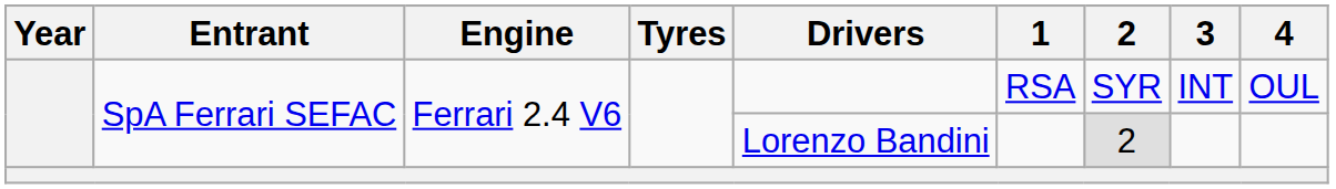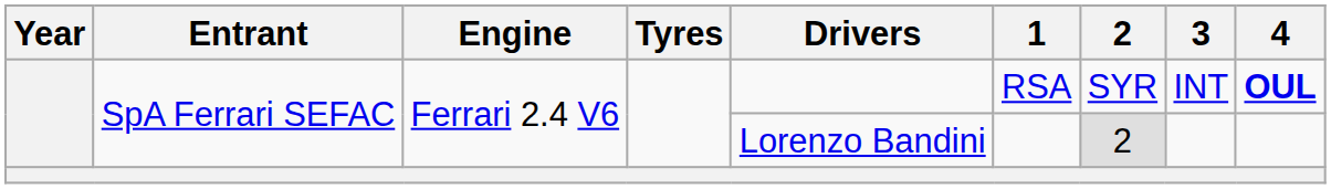 <table class="wikitable" style="text-align:center; font-size:95%">
 <tr>
 <th>Year</th>
 <th>Entrant</th>
 <th>Engine</th>
 <th>Tyres</th>
 <th>Drivers</th>
 <th>1</th>
 <th>2</th>
 <th>3</th>
 <th>4</th>
 </tr>
 <tr>
 <th rowspan=2></th>
 <td rowspan=2><a href='#'>SpA Ferrari SEFAC</a></td>
 <td rowspan=2><a href='#'>Ferrari</a> 2.4 <a href='#'>V6</a></td>
 <td rowspan=2> </td>
 <td></td>
 <td><a href='#'>RSA</a></td>
 <td><a href='#'>SYR</a></td>
 <td><a href='#'>INT</a></td>
-<td><a href='#'>OUL</a></td>
+<td><strong><a href='#'>OUL</a></strong></td>
 </tr>
 <tr>
 <td align="left"><a href='#'>Lorenzo Bandini</a></td>
 <td></td>
 <td style="background:#DFDFDF;">2</td>
 <td></td>
 <td></td>
 </tr>
 <tr>
 <th colspan="9"></th>
 </tr>
 </table>
